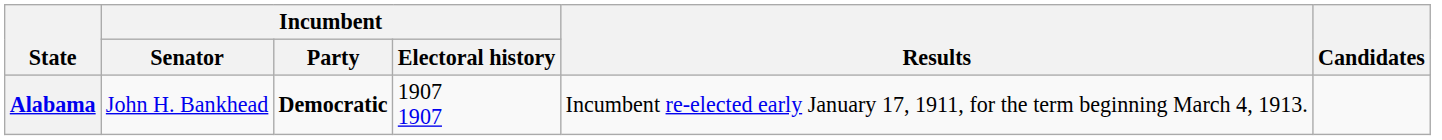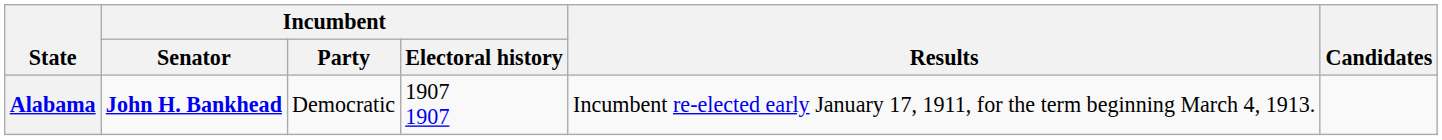 <table class=wikitable>
 <tr valign=bottom>
 <th rowspan=2>State</th>
 <th colspan=3>Incumbent</th>
 <th rowspan=2>Results</th>
 <th rowspan=2>Candidates</th>
 </tr>
 <tr>
 <th>Senator</th>
 <th>Party</th>
 <th>Electoral history</th>
 </tr>
 <tr>
 <th><a href='#'>Alabama</a></th>
-<td><a href='#'>John H. Bankhead</a></td>
-<td><strong>Democratic</strong></td>
+<td><strong><a href='#'>John H. Bankhead</a></strong></td>
+<td>Democratic</td>
 <td>1907 <br><a href='#'>1907 </a></td>
 <td>Incumbent <a href='#'>re-elected early</a> January 17, 1911, for the term beginning March 4, 1913.</td>
 <td nowrap></td>
 </tr>
 </table>
